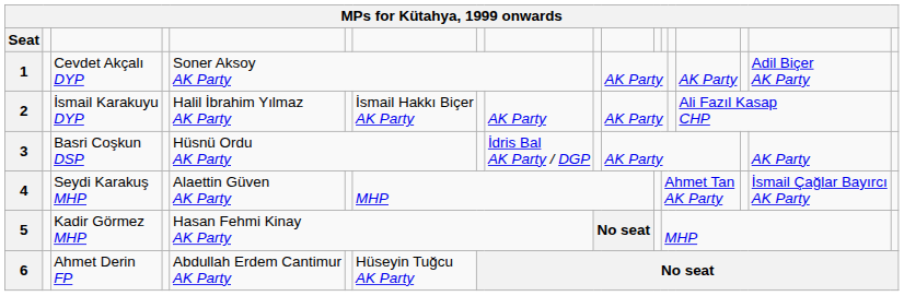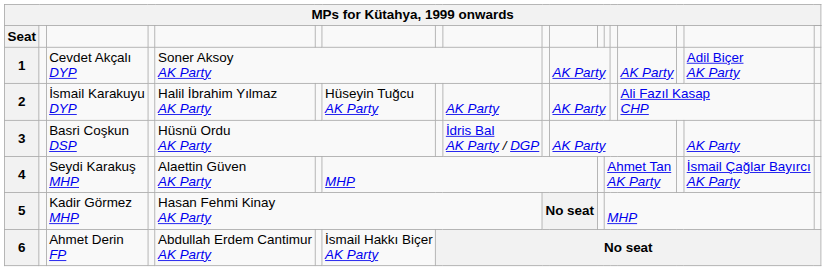 <table class="wikitable">
 <tr>
 <th colspan="18">MPs for Kütahya, 1999 onwards</th>
 </tr>
 <tr>
 <th rowspan="2">Seat</th>
 <td rowspan="2" style="width:1px;"></td>
 <td rowspan="2"></td>
 <td rowspan="2" style="width:1px;"></td>
 <td rowspan="2"></td>
 <td rowspan="2" style="width:1px;"></td>
 <td rowspan="2"></td>
 <td rowspan="2" style="width:1px;"></td>
 <td rowspan="2"></td>
 <td rowspan="2" style="width:1px;"></td>
 <td rowspan="2"></td>
 <td rowspan="2"></td>
 <td rowspan="2"></td>
 <td rowspan="2"></td>
 <td rowspan="2"></td>
 <td rowspan="2"></td>
 <td rowspan="2"></td>
 </tr>
 <tr>
 <td></td>
 </tr>
 <tr>
 <th>1</th>
 <td width="1px" style="background-color: "></td>
 <td colspan="1">Cevdet Akçalı<br><em><a href='#'>DYP</a></em></td>
 <td width="1px" style="background-color: "></td>
 <td colspan="5">Soner Aksoy<br><em><a href='#'>AK Party</a></em></td>
 <td width="1px" style="background-color: "></td>
 <td colspan="3"><br><em><a href='#'>AK Party</a></em></td>
 <td width="1px" style="background-color: "></td>
 <td colspan="1"><br><em><a href='#'>AK Party</a></em></td>
 <td width="1px" style="background-color: "></td>
 <td colspan="1"><a href='#'>Adil Biçer</a><br><em><a href='#'>AK Party</a></em></td>
 <td width="1px" style="background-color: "></td>
 </tr>
 <tr>
 <th>2</th>
 <td width="1px" style="background-color: "></td>
 <td colspan="1">İsmail Karakuyu<br><em><a href='#'>DYP</a></em></td>
 <td width="1px" style="background-color: "></td>
 <td colspan="1">Halil İbrahim Yılmaz<br><em><a href='#'>AK Party</a></em></td>
 <td width="1px" style="background-color: "></td>
-<td colspan="1">İsmail Hakkı Biçer<br><em><a href='#'>AK Party</a></em></td>
+<td colspan="1">Hüseyin Tuğcu<br><em><a href='#'>AK Party</a></em></td>
 <td width="1px" style="background-color: "></td>
 <td colspan="1"><br><em><a href='#'>AK Party</a></em></td>
 <td width="1px" style="background-color: "></td>
 <td colspan="3"><br><em><a href='#'>AK Party</a></em></td>
 <td style="background:"></td>
 <td colspan="3"><a href='#'>Ali Fazıl Kasap</a><br><a href='#'><em>CHP</em></a></td>
 <td style="background:"></td>
 </tr>
 <tr>
 <th>3</th>
 <td width="1px" style="background-color: "></td>
 <td colspan="1">Basri Coşkun<br><em><a href='#'>DSP</a></em></td>
 <td width="1px" style="background-color: "></td>
 <td colspan="3">Hüsnü Ordu<br><em><a href='#'>AK Party</a></em></td>
 <td width="1px" style="background-color: "></td>
 <td colspan="1"><a href='#'>İdris Bal</a><br><em><a href='#'>AK Party</a> / <a href='#'>DGP</a></em></td>
 <td width="1px" style="background-color: "></td>
 <td colspan="5"><br><em><a href='#'>AK Party</a></em></td>
 <td width="1px" style="background-color: "></td>
 <td colspan="1"><br><em><a href='#'>AK Party</a></em></td>
 <td width="1px" style="background-color: "></td>
 </tr>
 <tr>
 <th>4</th>
 <td width="1px" style="background-color: "></td>
 <td colspan="1">Seydi Karakuş<br><em><a href='#'>MHP</a></em></td>
 <td width="1px" style="background-color: "></td>
 <td colspan="1">Alaettin Güven<br><em><a href='#'>AK Party</a></em></td>
 <td width="1px" style="background-color: "></td>
 <td colspan="5"><br><em><a href='#'>MHP</a></em></td>
 <td width="1px" style="background-color: "></td>
 <td colspan="3"><a href='#'>Ahmet Tan</a><br><em><a href='#'>AK Party</a></em></td>
 <td width="1px" style="background-color: "></td>
 <td colspan="1"><a href='#'>İsmail Çağlar Bayırcı</a><br><em><a href='#'>AK Party</a></em></td>
 <td width="1px" style="background-color: "></td>
 </tr>
 <tr>
 <th>5</th>
 <td width="1px" style="background-color: "></td>
 <td colspan="1">Kadir Görmez<br><em><a href='#'>MHP</a></em></td>
 <td width="1px" style="background-color: "></td>
 <td colspan="5">Hasan Fehmi Kinay<br><em><a href='#'>AK Party</a></em></td>
 <th colspan="2">No seat</th>
 <td width="1px" style="background-color: "></td>
 <td colspan="5"><br><em><a href='#'>MHP</a></em></td>
 <td width="1px" style="background-color: "></td>
 </tr>
 <tr>
 <th>6</th>
 <td width="1px" style="background-color: "></td>
 <td colspan="1">Ahmet Derin<br><em><a href='#'>FP</a></em></td>
 <td width="1px" style="background-color: "></td>
 <td colspan="1">Abdullah Erdem Cantimur<br><em><a href='#'>AK Party</a></em></td>
 <td width="1px" style="background-color: "></td>
-<td colspan="1">Hüseyin Tuğcu<br><em><a href='#'>AK Party</a></em></td>
+<td colspan="1">İsmail Hakkı Biçer<br><em><a href='#'>AK Party</a></em></td>
 <th colspan="11">No seat</th>
 </tr>
 </table>
